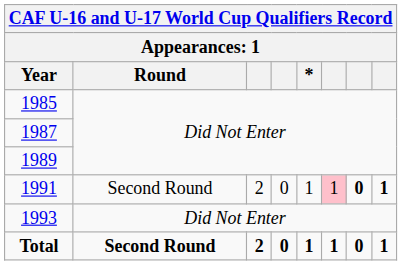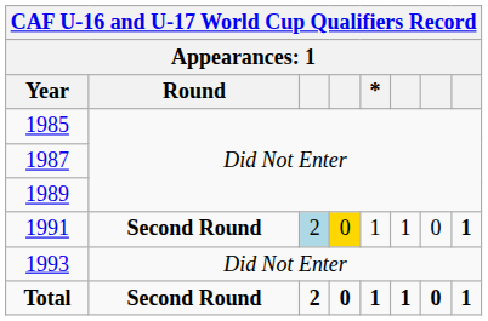 <table class="wikitable" style="text-align: center;">
 <tr>
 <th colspan=8><a href='#'>CAF U-16 and U-17 World Cup Qualifiers Record</a></th>
 </tr>
 <tr>
 <th colspan=8>Appearances: 1</th>
 </tr>
 <tr>
 <th>Year</th>
 <th>Round</th>
 <th></th>
 <th></th>
 <th>*</th>
 <th></th>
 <th></th>
 <th></th>
 </tr>
 <tr>
 <td><a href='#'>1985</a></td>
 <td colspan=7 rowspan=3><em>Did Not Enter</em></td>
 </tr>
 <tr>
 <td><a href='#'>1987</a></td>
 </tr>
 <tr>
 <td><a href='#'>1989</a></td>
 </tr>
 <tr>
 <td><a href='#'>1991</a></td>
-<td>Second Round</td>
-<td>2</td>
+<td><strong>Second Round</strong></td>
+<td style="background: lightblue;">2</td>
+<td style="background: gold;">0</td>
+<td>1</td>
+<td>1</td>
 <td>0</td>
-<td>1</td>
-<td style="background: pink;">1</td>
-<td><strong>0</strong></td>
 <td><strong>1</strong></td>
 </tr>
 <tr>
 <td><a href='#'>1993</a></td>
 <td colspan=7><em>Did Not Enter</em></td>
 </tr>
 <tr>
 <td><strong>Total</strong></td>
 <td><strong>Second Round</strong></td>
 <td><strong>2</strong></td>
 <td><strong>0</strong></td>
 <td><strong>1</strong></td>
 <td><strong>1</strong></td>
 <td><strong>0</strong></td>
 <td><strong>1</strong></td>
 </tr>
 </table>
